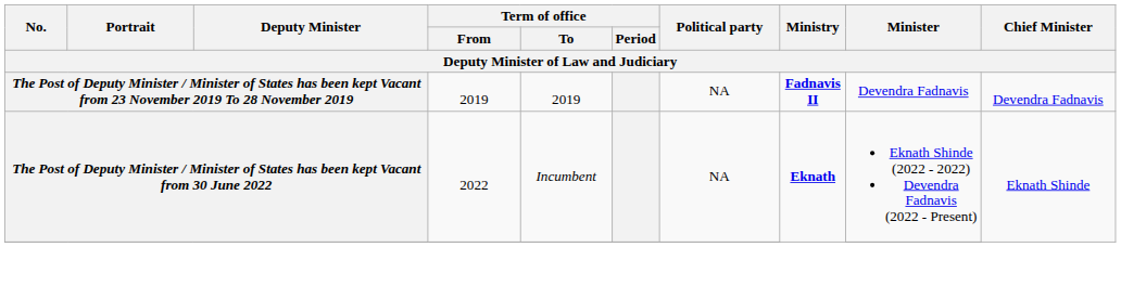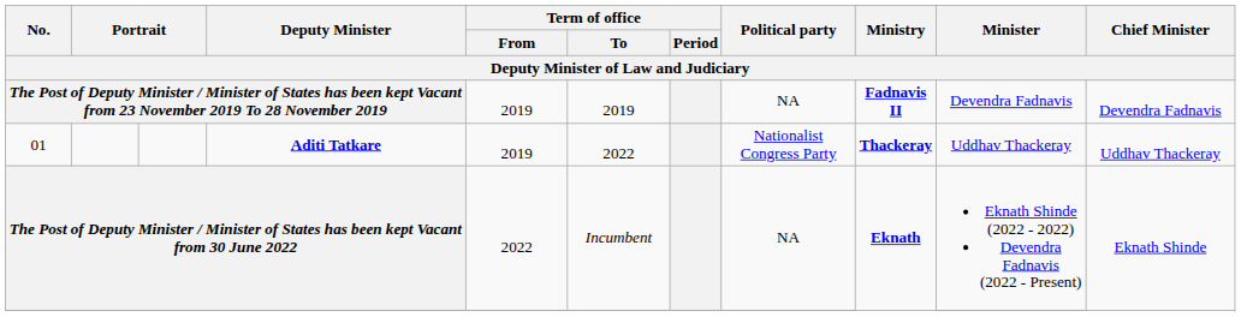 <table class="wikitable" style="text-align:center">
 <tr>
 <th rowspan="2">No.</th>
 <th rowspan="2" colspan="2">Portrait</th>
 <th rowspan="2" style="width:16em">Deputy Minister<br></th>
 <th colspan="3">Term of office</th>
 <th rowspan="2" style="width:8em">Political party</th>
 <th rowspan="2">Ministry</th>
 <th rowspan="2" style="width:9em">Minister</th>
 <th rowspan="2" style="width:9em">Chief Minister</th>
 </tr>
 <tr>
 <th style="width:6em">From</th>
 <th style="width:6em">To</th>
 <th>Period</th>
 </tr>
 <tr>
 <th colspan="11">Deputy Minister of Law and Judiciary</th>
 </tr>
 <tr>
 <th colspan="04"><strong><em>The Post of Deputy Minister / Minister of States has been kept Vacant from 23 November 2019 To 28 November 2019</em></strong></th>
 <td><br>2019</td>
 <td><br>2019</td>
 <th></th>
 <td>NA</td>
 <td rowspan="1"><a href='#'><strong>Fadnavis II</strong></a></td>
 <td><a href='#'>Devendra Fadnavis</a></td>
 <td rowspan="1"> <br><a href='#'>Devendra Fadnavis</a></td>
 </tr>
 <tr>
+<td>01</td>
+<td style="color:inherit;background:"></td>
+<td></td>
+<td><strong><a href='#'>Aditi Tatkare</a></strong> <br> </td>
+<td><br>2019</td>
+<td><br>2022</td>
+<th></th>
+<td><a href='#'>Nationalist Congress Party</a></td>
+<td rowspan="1"><a href='#'><strong>Thackeray</strong></a></td>
+<td><a href='#'>Uddhav Thackeray</a></td>
+<td rowspan="1"> <br><a href='#'>Uddhav Thackeray</a></td>
+</tr>
+<tr>
 <th colspan="04"><strong><em>The Post of Deputy Minister / Minister of States has been kept Vacant from 30 June 2022</em></strong></th>
 <td><br>2022</td>
 <td><em>Incumbent</em></td>
 <th></th>
 <td>NA</td>
 <td rowspan="2"><a href='#'><strong>Eknath</strong></a></td>
 <td><br><ul><li><a href='#'>Eknath Shinde</a><br>(2022 - 2022)</li><li><a href='#'>Devendra Fadnavis</a><br> (2022 - Present)</li></ul></td>
 <td rowspan="2"> <br><a href='#'>Eknath Shinde</a></td>
 </tr>
 <tr>
 </tr>
 </table>
